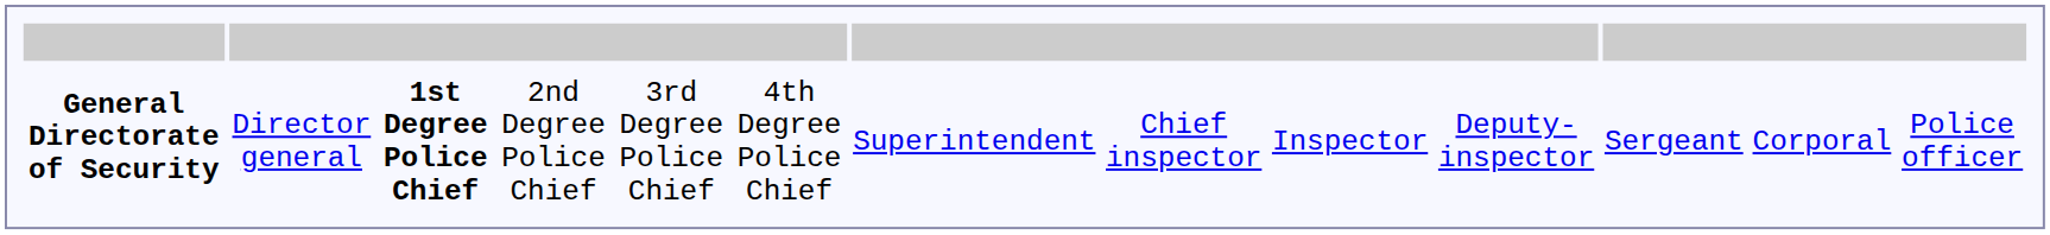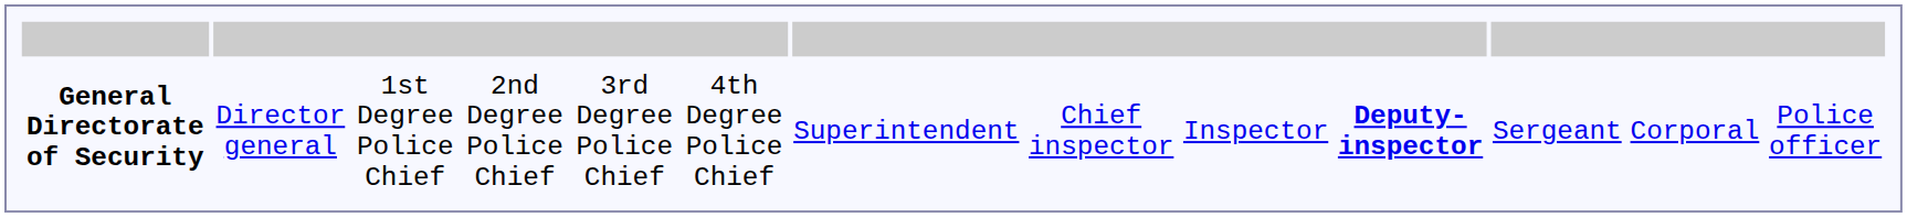 <table style="border:1px solid #8888aa; background:#f7f8ff; padding:5px; font-size:95%; margin:0 12px 12px 0;">
 <tr style="background:#ccc;">
 <th></th>
 <th colspan="5"> </th>
 <th colspan="4"></th>
 <th colspan="3"></th>
 </tr>
 <tr style="text-align:center">
 <td rowspan="2"><strong> General Directorate of Security</strong></td>
 <td></td>
 <td></td>
 <td></td>
 <td></td>
 <td></td>
 <td></td>
 <td></td>
 <td></td>
 <td></td>
 <td></td>
 <td></td>
 <td></td>
 </tr>
 <tr style="text-align:center">
 <td><a href='#'>Director general</a><br></td>
-<td><strong>1st Degree Police Chief<br></strong></td>
+<td>1st Degree Police Chief<br></td>
 <td>2nd Degree Police Chief<br></td>
 <td>3rd Degree Police Chief<br></td>
 <td>4th Degree Police Chief<br></td>
 <td><a href='#'>Superintendent</a><br></td>
 <td><a href='#'>Chief inspector</a><br></td>
 <td><a href='#'>Inspector</a><br></td>
-<td><a href='#'>Deputy-inspector</a><br></td>
+<td><strong><a href='#'>Deputy-inspector</a><br></strong></td>
 <td><a href='#'>Sergeant</a><br></td>
 <td><a href='#'>Corporal</a><br></td>
 <td><a href='#'>Police officer</a><br></td>
 </tr>
 </table>
